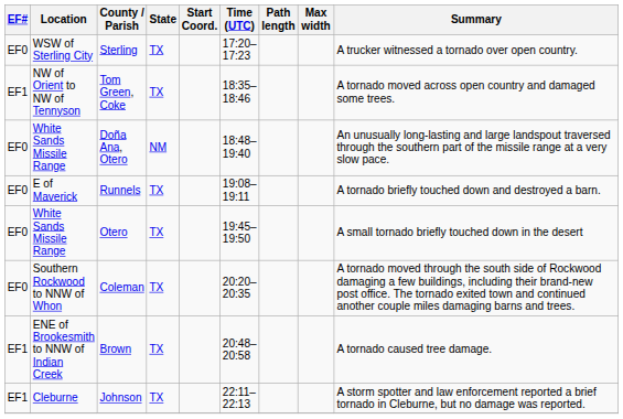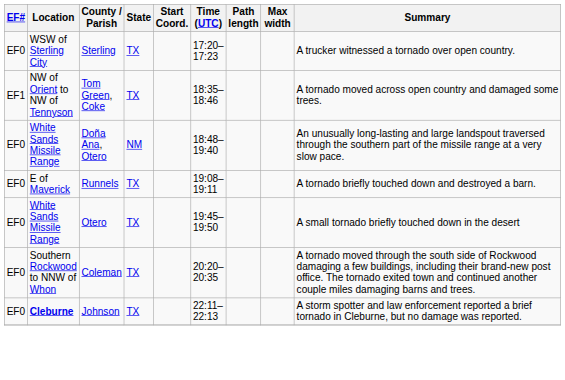 <table class="wikitable sortable" style="width:100%;">
 <tr>
 <th scope="col"  style="width:3%; text-align:center;"><a href='#'>EF#</a></th>
 <th scope="col"  style="width:7%; text-align:center;" class="unsortable">Location</th>
 <th scope="col"  style="width:6%; text-align:center;" class="unsortable">County / Parish</th>
 <th scope="col"  style="width:5%; text-align:center;">State</th>
 <th scope="col"  style="width:6%; text-align:center;">Start Coord.</th>
 <th scope="col"  style="width:6%; text-align:center;">Time (<a href='#'>UTC</a>)</th>
 <th scope="col"  style="width:6%; text-align:center;">Path length</th>
 <th scope="col"  style="width:6%; text-align:center;">Max width</th>
 <th scope="col" class="unsortable" style="width:48%; text-align:center;">Summary</th>
 </tr>
 <tr>
 <td>EF0</td>
 <td>WSW of <a href='#'>Sterling City</a></td>
 <td><a href='#'>Sterling</a></td>
 <td><a href='#'>TX</a></td>
 <td></td>
 <td>17:20–17:23</td>
 <td></td>
 <td></td>
 <td>A trucker witnessed a tornado over open country.</td>
 </tr>
 <tr>
 <td>EF1</td>
 <td>NW of <a href='#'>Orient</a> to NW of <a href='#'>Tennyson</a></td>
 <td><a href='#'>Tom Green</a>, <a href='#'>Coke</a></td>
 <td><a href='#'>TX</a></td>
 <td></td>
 <td>18:35–18:46</td>
 <td></td>
 <td></td>
 <td>A tornado moved across open country and damaged some trees.</td>
 </tr>
 <tr>
 <td>EF0</td>
 <td><a href='#'>White Sands Missile Range</a></td>
 <td><a href='#'>Doña Ana</a>, <a href='#'>Otero</a></td>
 <td><a href='#'>NM</a></td>
 <td></td>
 <td>18:48–19:40</td>
 <td></td>
 <td></td>
 <td>An unusually long-lasting and large landspout traversed through the southern part of the missile range at a very slow pace.</td>
 </tr>
 <tr>
 <td>EF0</td>
 <td>E of <a href='#'>Maverick</a></td>
 <td><a href='#'>Runnels</a></td>
 <td><a href='#'>TX</a></td>
 <td></td>
 <td>19:08–19:11</td>
 <td></td>
 <td></td>
 <td>A tornado briefly touched down and destroyed a barn.</td>
 </tr>
 <tr>
 <td>EF0</td>
 <td><a href='#'>White Sands Missile Range</a></td>
 <td><a href='#'>Otero</a></td>
 <td><a href='#'>TX</a></td>
 <td></td>
 <td>19:45–19:50</td>
 <td></td>
 <td></td>
 <td>A small tornado briefly touched down in the desert</td>
 </tr>
 <tr>
 <td>EF0</td>
 <td>Southern <a href='#'>Rockwood</a> to NNW of <a href='#'>Whon</a></td>
 <td><a href='#'>Coleman</a></td>
 <td><a href='#'>TX</a></td>
 <td></td>
 <td>20:20–20:35</td>
 <td></td>
 <td></td>
 <td>A tornado moved through the south side of Rockwood damaging a few buildings, including their brand-new post office. The tornado exited town and continued another couple miles damaging barns and trees.</td>
 </tr>
 <tr>
-<td>EF1</td>
-<td>ENE of <a href='#'>Brookesmith</a> to NNW of <a href='#'>Indian Creek</a></td>
-<td><a href='#'>Brown</a></td>
-<td><a href='#'>TX</a></td>
-<td></td>
-<td>20:48–20:58</td>
-<td></td>
-<td></td>
-<td>A tornado caused tree damage.</td>
-</tr>
-<tr>
-<td>EF1</td>
-<td><a href='#'>Cleburne</a></td>
+<td>EF0</td>
+<td><strong><a href='#'>Cleburne</a></strong></td>
 <td><a href='#'>Johnson</a></td>
 <td><a href='#'>TX</a></td>
 <td></td>
 <td>22:11–22:13</td>
 <td></td>
 <td></td>
 <td>A storm spotter and law enforcement reported a brief tornado in Cleburne, but no damage was reported.</td>
 </tr>
 <tr>
 </tr>
 </table>
